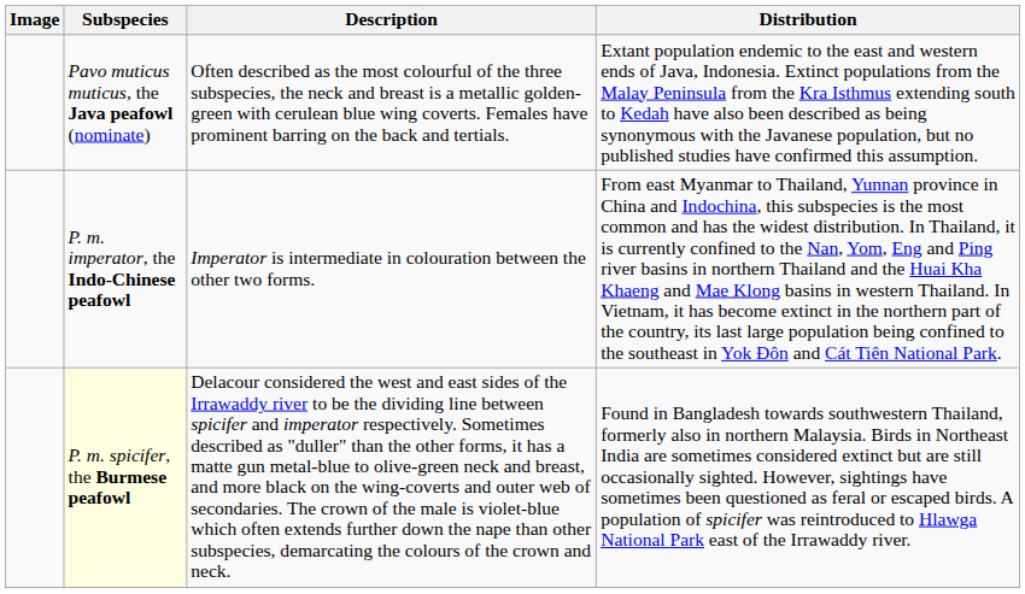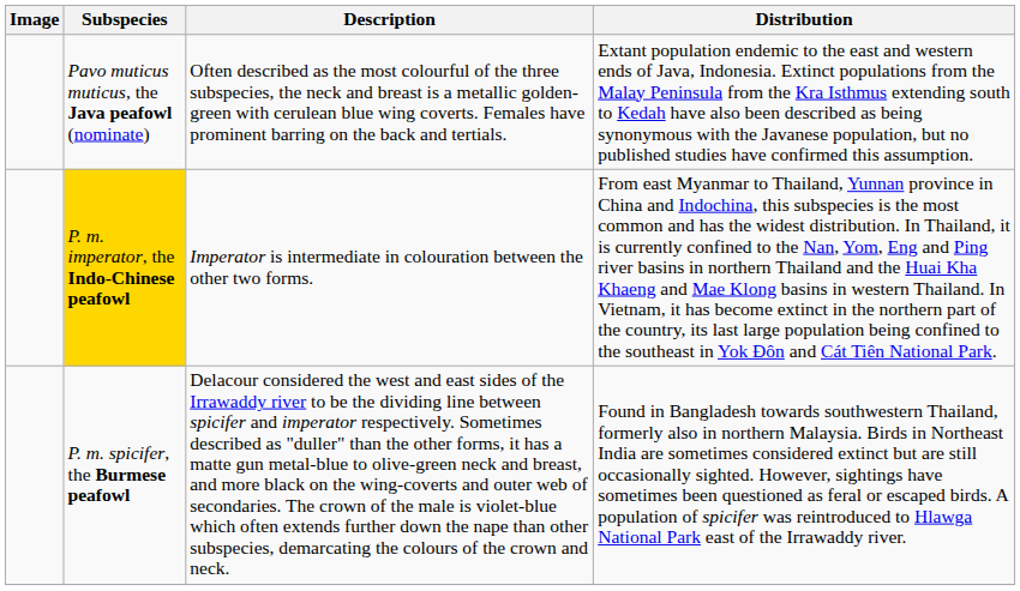 <table class="wikitable">
 <tr>
 <th>Image</th>
 <th>Subspecies</th>
 <th>Description</th>
 <th>Distribution</th>
 </tr>
 <tr>
 <td></td>
 <td><em>Pavo muticus muticus</em>, the <strong>Java peafowl</strong> (<a href='#'>nominate</a>)</td>
 <td>Often described as the most colourful of the three subspecies, the neck and breast is a metallic golden-green with cerulean blue wing coverts. Females have prominent barring on the back and tertials.</td>
 <td>Extant population endemic to the east and western ends of Java, Indonesia. Extinct populations from the <a href='#'>Malay Peninsula</a> from the <a href='#'>Kra Isthmus</a> extending south to <a href='#'>Kedah</a> have also been described as being synonymous with the Javanese population, but no published studies have confirmed this assumption.</td>
 </tr>
 <tr>
 <td></td>
-<td><em>P. m. imperator</em>, the <strong>Indo-Chinese peafowl</strong></td>
+<td style="background: gold;"><em>P. m. imperator</em>, the <strong>Indo-Chinese peafowl</strong></td>
 <td><em>Imperator</em> is intermediate in colouration between the other two forms.</td>
 <td>From east Myanmar to Thailand, <a href='#'>Yunnan</a> province in China and <a href='#'>Indochina</a>, this subspecies is the most common and has the widest distribution. In Thailand, it is currently confined to the <a href='#'>Nan</a>, <a href='#'>Yom</a>, <a href='#'>Eng</a> and <a href='#'>Ping</a> river basins in northern Thailand and the <a href='#'>Huai Kha Khaeng</a> and <a href='#'>Mae Klong</a> basins in western Thailand. In Vietnam, it has become extinct in the northern part of the country, its last large population being confined to the southeast in <a href='#'>Yok Đôn</a> and <a href='#'>Cát Tiên National Park</a>.</td>
 </tr>
 <tr>
 <td></td>
-<td style="background: lightyellow;"><em>P. m. spicifer</em>, the <strong>Burmese peafowl</strong></td>
+<td><em>P. m. spicifer</em>, the <strong>Burmese peafowl</strong></td>
 <td>Delacour considered the west and east sides of the <a href='#'>Irrawaddy river</a> to be the dividing line between <em>spicifer</em> and <em>imperator</em> respectively.  Sometimes described as "duller" than the other forms, it has a matte gun metal-blue to olive-green neck and breast, and more black on the wing-coverts and outer web of secondaries. The crown of the male is violet-blue which often extends further down the nape than other subspecies, demarcating the colours of the crown and neck.</td>
 <td>Found in Bangladesh towards southwestern Thailand, formerly also in northern Malaysia. Birds in Northeast India are sometimes considered extinct but are still occasionally sighted. However, sightings have sometimes been questioned as feral or escaped birds. A population of <em>spicifer</em> was reintroduced to <a href='#'>Hlawga National Park</a> east of the Irrawaddy river.</td>
 </tr>
 <tr>
 </tr>
 </table>
